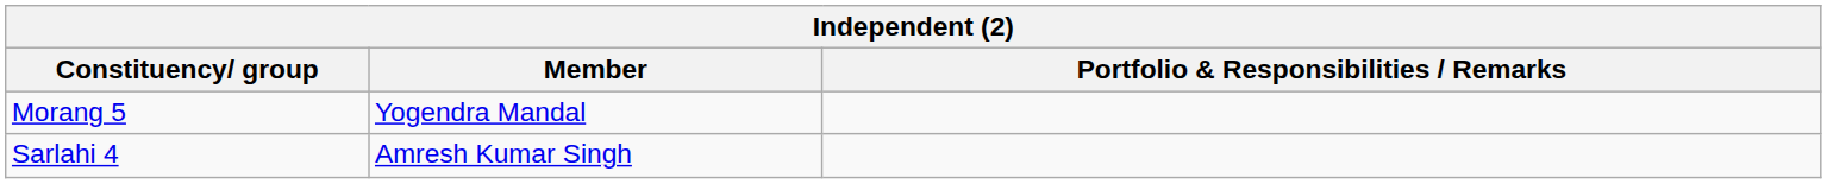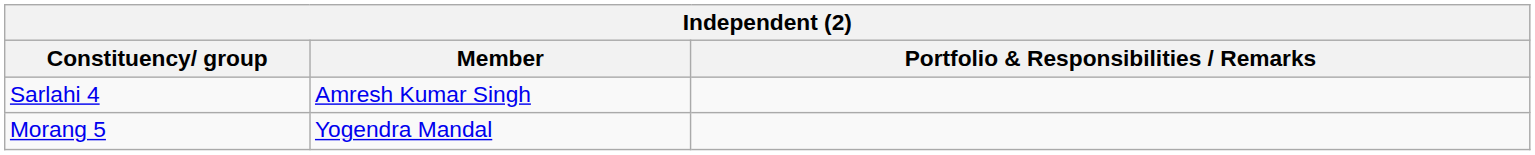 <table class="wikitable sortable">
 <tr>
 <th colspan="3" style="width: 800pt; background:">Independent (2)</th>
 </tr>
 <tr>
 <th style="width:20%;">Constituency/ group</th>
 <th style="width:25%;">Member</th>
 <th>Portfolio & Responsibilities / Remarks</th>
 </tr>
 <tr>
+<td><a href='#'>Sarlahi 4</a></td>
+<td><a href='#'>Amresh Kumar Singh</a></td>
+<td></td>
+</tr>
+<tr>
 <td><a href='#'>Morang 5</a></td>
 <td><a href='#'>Yogendra Mandal</a></td>
 <td></td>
 </tr>
-<tr>
-<td><a href='#'>Sarlahi 4</a></td>
-<td><a href='#'>Amresh Kumar Singh</a></td>
-<td></td>
-</tr>
 </table>
